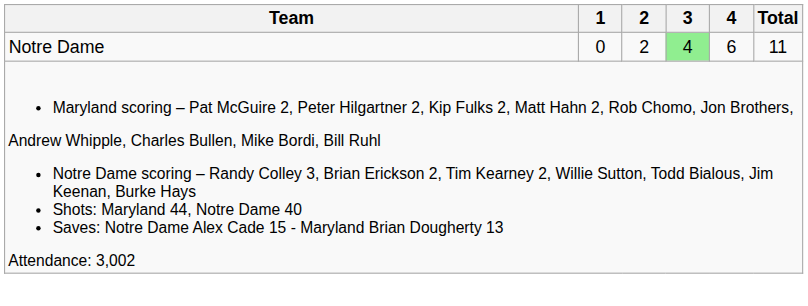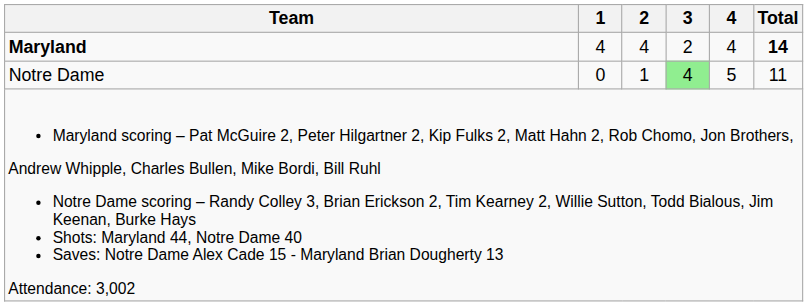 <table class="wikitable" style="text-align:center; max-width:45em">
 <tr>
 <th>Team</th>
 <th style="width:2em">1</th>
 <th style="width:2em">2</th>
 <th style="width:2em">3</th>
 <th style="width:2em">4</th>
 <th style="width:2em">Total</th>
 </tr>
 <tr>
+<td style="text-align:left"><strong>Maryland</strong></td>
+<td>4</td>
+<td>4</td>
+<td>2</td>
+<td>4</td>
+<td><strong>14</strong></td>
+</tr>
+<tr>
 <td style="text-align:left">Notre Dame</td>
 <td>0</td>
-<td>2</td>
+<td>1</td>
 <td style="background: lightgreen;">4</td>
-<td>6</td>
+<td>5</td>
 <td>11</td>
 </tr>
 <tr>
 <td colspan=6 style="text-align:left; font-size:88%;"><br><ul><li>Maryland scoring – Pat McGuire 2, Peter Hilgartner 2, Kip Fulks 2, Matt Hahn 2, Rob Chomo, Jon Brothers,</li></ul>Andrew Whipple, Charles Bullen, Mike Bordi, Bill Ruhl<ul><li>Notre Dame scoring – Randy Colley 3, Brian Erickson 2, Tim Kearney 2, Willie Sutton, Todd Bialous, Jim Keenan, Burke Hays</li><li>Shots: Maryland 44, Notre Dame 40</li><li>Saves: Notre Dame Alex Cade 15 - Maryland Brian Dougherty 13</li></ul>Attendance: 3,002 </td>
 </tr>
 </table>
